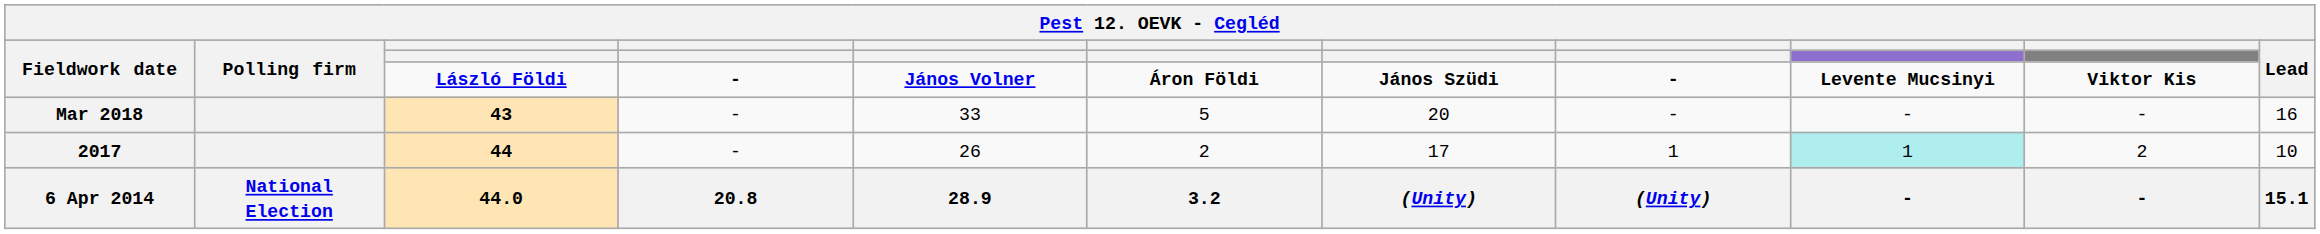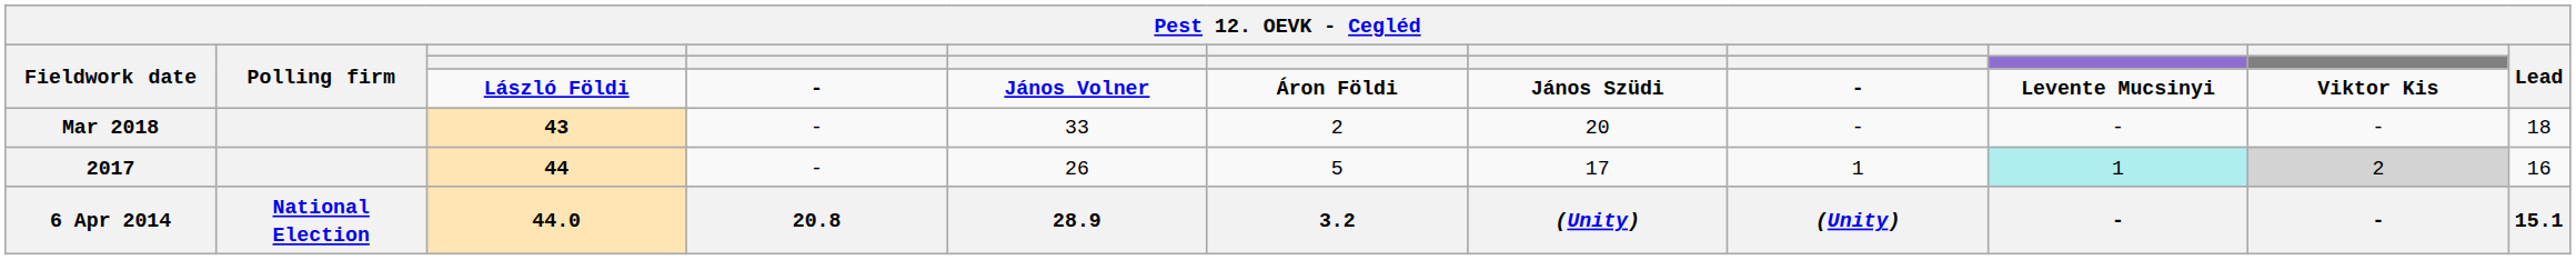 <table class="wikitable mw-collapsible mw-collapsed" style="text-align:center">
 <tr>
 <th colspan="11" style="width: 980pt;"><small><a href='#'>Pest</a> 12. OEVK - <a href='#'>Cegléd</a></small></th>
 </tr>
 <tr>
 <th rowspan="3" style="width: 80pt;"><small>Fieldwork</small> <small>date</small></th>
 <th rowspan="3" style="width: 80pt;"><strong><small>Polling</small> <small>firm</small></strong></th>
 <th style="width: 100pt;"><small></small></th>
 <th style="width: 100pt;"><small> </small></th>
 <th style="width: 100pt;"></th>
 <th style="width: 100pt;"></th>
 <th style="width: 100pt;"></th>
 <th style="width: 100pt;"></th>
 <th style="width: 100pt;"></th>
 <th style="width: 100pt;"></th>
 <th rowspan="3" style="width: 20pt;"><small>Lead</small></th>
 </tr>
 <tr>
 <th style="color:inherit;background:"></th>
 <th style="color:inherit;background:"></th>
 <th style="color:inherit;background:"></th>
 <th style="color:inherit;background:"></th>
 <th style="color:inherit;background:"></th>
 <th style="color:inherit;background:"></th>
 <th style="color:inherit;background:#8E6FCE;"></th>
 <th style="color:inherit;background:#808080;"></th>
 </tr>
 <tr>
 <td><a href='#'><small><strong>László Földi</strong></small></a></td>
 <td><small><strong>-</strong></small></td>
 <td><a href='#'><small><strong>János Volner</strong></small></a></td>
 <td><small><strong>Áron Földi</strong></small></td>
 <td><small><strong>János Szüdi</strong></small></td>
 <td><small><strong>-</strong></small></td>
 <td><small><strong>Levente Mucsinyi</strong></small></td>
 <td><small><strong>Viktor Kis</strong></small></td>
 </tr>
 <tr>
 <th><small>Mar 2018</small></th>
 <th><small></small></th>
 <td style="background:#FFE5B4"><small><strong>43</strong></small></td>
 <td><small>-</small></td>
 <td><small>33</small></td>
-<td><small>5</small></td>
+<td><small>2</small></td>
 <td><small>20</small></td>
 <td><small>-</small></td>
 <td><small>-</small></td>
 <td><small>-</small></td>
-<td style="background:"><small>16</small></td>
+<td style="background:"><small>18</small></td>
 </tr>
 <tr>
 <th><small>2017</small></th>
 <th><small></small></th>
 <td style="background:#FFE5B4"><small><strong>44</strong></small></td>
 <td><small>-</small></td>
 <td><small>26</small></td>
-<td><small>2</small></td>
+<td><small>5</small></td>
 <td><small>17</small></td>
 <td><small>1</small></td>
 <td style="background: paleturquoise;"><small>1</small></td>
-<td><small>2</small></td>
-<td style="background:"><small>10</small></td>
+<td style="background: lightgrey;"><small>2</small></td>
+<td style="background:"><small>16</small></td>
 </tr>
 <tr>
 <th><small>6 Apr 2014</small></th>
 <th><a href='#'><small>National Election</small></a></th>
 <th style="background:#FFE5B4"><small><strong>44.0</strong></small></th>
 <th><small>20.8</small></th>
 <th><small>28.9</small></th>
 <th><small>3.2</small></th>
 <th><small><em>(<a href='#'>Unity</a>)</em></small></th>
 <th><small><em>(<a href='#'>Unity</a>)</em></small></th>
 <th><small>-</small></th>
 <th><small>-</small></th>
 <th style="background:"><small>15.1</small></th>
 </tr>
 </table>
